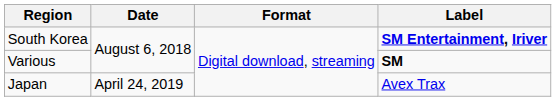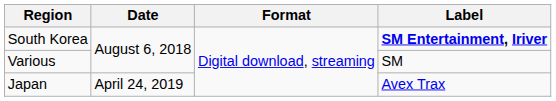 <table class="wikitable">
 <tr>
 <th>Region</th>
 <th>Date</th>
 <th>Format</th>
 <th>Label</th>
 </tr>
 <tr>
 <td>South Korea</td>
 <td rowspan="2">August 6, 2018</td>
 <td rowspan="3"><a href='#'>Digital download</a>, <a href='#'>streaming</a></td>
 <td><strong><a href='#'>SM Entertainment</a>, <a href='#'>Iriver</a></strong></td>
 </tr>
 <tr>
 <td>Various</td>
-<td><strong>SM</strong></td>
+<td>SM</td>
 </tr>
 <tr>
 <td>Japan</td>
 <td>April 24, 2019</td>
 <td><a href='#'>Avex Trax</a></td>
 </tr>
 </table>
